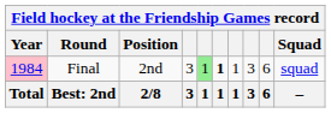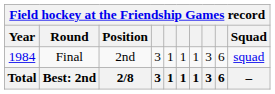 <table class="wikitable" style="text-align: center;">
 <tr>
 <th colspan=10><a href='#'>Field hockey at the Friendship Games</a> record</th>
 </tr>
 <tr>
 <th>Year</th>
 <th>Round</th>
 <th>Position</th>
 <th></th>
 <th></th>
 <th></th>
 <th></th>
 <th></th>
 <th></th>
 <th>Squad</th>
 </tr>
 <tr>
-<td style="background: pink;"> <a href='#'>1984</a></td>
+<td> <a href='#'>1984</a></td>
 <td>Final</td>
 <td>2nd</td>
 <td>3</td>
-<td style="background: lightgreen;">1</td>
-<td><strong>1</strong></td>
+<td>1</td>
+<td>1</td>
 <td>1</td>
 <td>3</td>
 <td>6</td>
 <td><a href='#'>squad</a></td>
 </tr>
 <tr>
 <th>Total</th>
 <th>Best: 2nd</th>
 <th>2/8</th>
 <th>3</th>
 <th>1</th>
 <th>1</th>
 <th>1</th>
 <th>3</th>
 <th>6</th>
 <th>–</th>
 </tr>
 </table>
